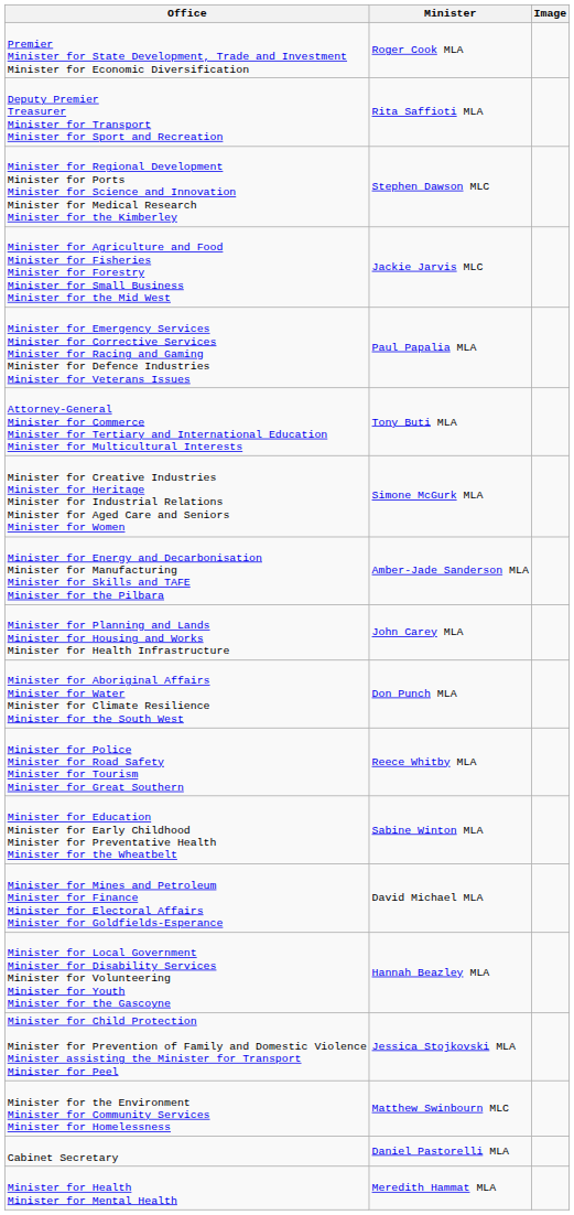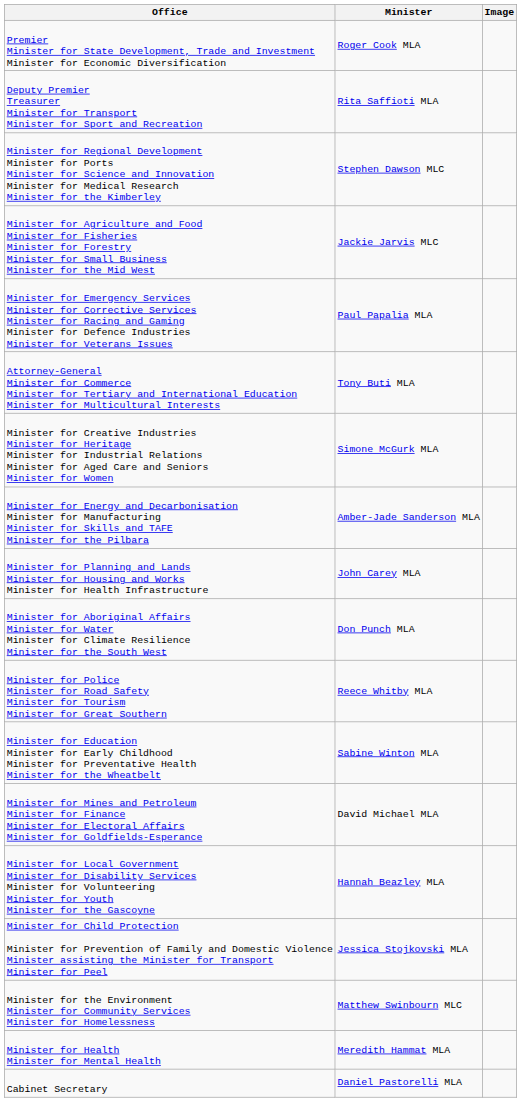 <table class="wikitable sortable">
 <tr>
 <th>Office</th>
 <th>Minister</th>
 <th>Image</th>
 </tr>
 <tr>
 <td><br><a href='#'>Premier</a><br> <a href='#'>Minister for State Development, Trade and Investment</a><br> Minister for Economic Diversification</td>
 <td><a href='#'>Roger Cook</a> MLA</td>
 <td></td>
 </tr>
 <tr>
 <td><br><a href='#'>Deputy Premier</a><br> <a href='#'>Treasurer</a><br> <a href='#'>Minister for Transport</a><br> <a href='#'>Minister for Sport and Recreation</a></td>
 <td><a href='#'>Rita Saffioti</a> MLA</td>
 <td></td>
 </tr>
 <tr>
 <td><br><a href='#'>Minister for Regional Development</a><br> Minister for Ports<br> <a href='#'>Minister for Science and Innovation</a><br> Minister for Medical Research<br> <a href='#'>Minister for the Kimberley</a></td>
 <td><a href='#'>Stephen Dawson</a> MLC</td>
 <td></td>
 </tr>
 <tr>
 <td><br><a href='#'>Minister for Agriculture and Food</a><br> <a href='#'>Minister for Fisheries</a><br> <a href='#'>Minister for Forestry</a><br> <a href='#'>Minister for Small Business</a><br> <a href='#'>Minister for the Mid West</a></td>
 <td><a href='#'>Jackie Jarvis</a> MLC</td>
 <td></td>
 </tr>
 <tr>
 <td><br><a href='#'>Minister for Emergency Services</a><br> <a href='#'>Minister for Corrective Services</a><br> <a href='#'>Minister for Racing and Gaming</a><br> Minister for Defence Industries<br> <a href='#'>Minister for Veterans Issues</a></td>
 <td><a href='#'>Paul Papalia</a> MLA</td>
 <td></td>
 </tr>
 <tr>
 <td><br><a href='#'>Attorney-General</a><br> <a href='#'>Minister for Commerce</a><br> <a href='#'>Minister for Tertiary and International Education</a><br> <a href='#'>Minister for Multicultural Interests</a></td>
 <td><a href='#'>Tony Buti</a> MLA</td>
 <td></td>
 </tr>
 <tr>
 <td><br>Minister for Creative Industries<br> <a href='#'>Minister for Heritage</a> <br> Minister for Industrial Relations<br> Minister for Aged Care and Seniors<br> <a href='#'>Minister for Women</a></td>
 <td><a href='#'>Simone McGurk</a> MLA</td>
 <td></td>
 </tr>
 <tr>
 <td><br><a href='#'>Minister for Energy and Decarbonisation</a><br> Minister for Manufacturing<br> <a href='#'>Minister for Skills and TAFE</a><br> <a href='#'>Minister for the Pilbara</a></td>
 <td><a href='#'>Amber-Jade Sanderson</a> MLA</td>
 <td></td>
 </tr>
 <tr>
 <td><br><a href='#'>Minister for Planning and Lands</a><br> <a href='#'>Minister for Housing and Works</a><br> Minister for Health Infrastructure</td>
 <td><a href='#'>John Carey</a> MLA</td>
 <td></td>
 </tr>
 <tr>
 <td><br><a href='#'>Minister for Aboriginal Affairs</a><br> <a href='#'>Minister for Water</a><br> Minister for Climate Resilience<br> <a href='#'>Minister for the South West</a></td>
 <td><a href='#'>Don Punch</a> MLA</td>
 <td></td>
 </tr>
 <tr>
 <td><br><a href='#'>Minister for Police</a><br> <a href='#'>Minister for Road Safety</a><br> <a href='#'>Minister for Tourism</a> <br> <a href='#'>Minister for Great Southern</a></td>
 <td><a href='#'>Reece Whitby</a> MLA</td>
 <td></td>
 </tr>
 <tr>
 <td><br><a href='#'>Minister for Education</a><br> Minister for Early Childhood<br> Minister for Preventative Health<br> <a href='#'>Minister for the Wheatbelt</a></td>
 <td><a href='#'>Sabine Winton</a> MLA</td>
 <td></td>
 </tr>
 <tr>
 <td><br><a href='#'>Minister for Mines and Petroleum</a><br> <a href='#'>Minister for Finance</a><br> <a href='#'>Minister for Electoral Affairs</a><br> <a href='#'>Minister for Goldfields-Esperance</a></td>
 <td>David Michael MLA</td>
 <td></td>
 </tr>
 <tr>
 <td><br><a href='#'>Minister for Local Government</a><br> <a href='#'>Minister for Disability Services</a><br> Minister for Volunteering<br> <a href='#'>Minister for Youth</a><br> <a href='#'>Minister for the Gascoyne</a></td>
 <td><a href='#'>Hannah Beazley</a> MLA</td>
 <td></td>
 </tr>
 <tr>
 <td><a href='#'>Minister for Child Protection</a><br><br>Minister for Prevention of Family and Domestic Violence<br> <a href='#'>Minister assisting the Minister for Transport</a><br> <a href='#'>Minister for Peel</a></td>
 <td><a href='#'>Jessica Stojkovski</a> MLA</td>
 <td></td>
 </tr>
 <tr>
 <td><br>Minister for the Environment <br> <a href='#'>Minister for Community Services</a><br> <a href='#'>Minister for Homelessness</a></td>
 <td><a href='#'>Matthew Swinbourn</a> MLC</td>
 <td></td>
 </tr>
 <tr>
+<td><br><a href='#'>Minister for Health</a><br> <a href='#'>Minister for Mental Health</a></td>
+<td><a href='#'>Meredith Hammat</a> MLA</td>
+<td></td>
+</tr>
+<tr>
 <td><br>Cabinet Secretary</td>
 <td><a href='#'>Daniel Pastorelli</a> MLA</td>
 <td></td>
 </tr>
-<tr>
-<td><br><a href='#'>Minister for Health</a><br> <a href='#'>Minister for Mental Health</a></td>
-<td><a href='#'>Meredith Hammat</a> MLA</td>
-<td></td>
-</tr>
 </table>
